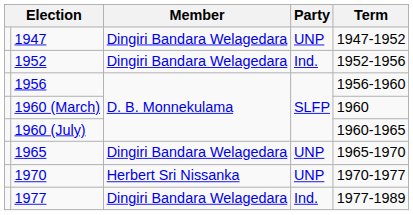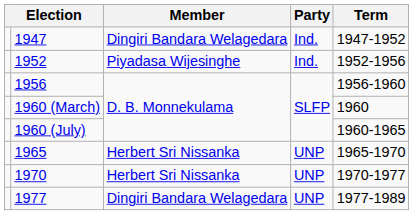 <table class="wikitable">
 <tr>
 <th colspan="2">Election</th>
 <th>Member</th>
 <th>Party</th>
 <th>Term</th>
 </tr>
 <tr>
 <td style="background-color: "></td>
 <td><a href='#'>1947</a></td>
 <td><a href='#'>Dingiri Bandara Welagedara</a></td>
-<td><a href='#'>UNP</a></td>
+<td><a href='#'>Ind.</a></td>
 <td>1947-1952</td>
 </tr>
 <tr>
 <td style="background-color: "></td>
 <td><a href='#'>1952</a></td>
-<td><a href='#'>Dingiri Bandara Welagedara</a></td>
+<td><a href='#'>Piyadasa Wijesinghe</a></td>
 <td><a href='#'>Ind.</a></td>
 <td>1952-1956</td>
 </tr>
 <tr>
 <td style="background-color: "></td>
 <td><a href='#'>1956</a></td>
 <td rowspan=3><a href='#'>D. B. Monnekulama</a></td>
 <td rowspan=3><a href='#'>SLFP</a></td>
 <td>1956-1960</td>
 </tr>
 <tr>
 <td style="background-color: "></td>
 <td><a href='#'>1960 (March)</a></td>
 <td>1960</td>
 </tr>
 <tr>
 <td style="background-color: "></td>
 <td><a href='#'>1960 (July)</a></td>
 <td>1960-1965</td>
 </tr>
 <tr>
 <td style="background-color: "></td>
 <td><a href='#'>1965</a></td>
-<td><a href='#'>Dingiri Bandara Welagedara</a></td>
+<td><a href='#'>Herbert Sri Nissanka</a></td>
 <td><a href='#'>UNP</a></td>
 <td>1965-1970</td>
 </tr>
 <tr>
 <td style="-color: "></td>
 <td><a href='#'>1970</a></td>
 <td><a href='#'>Herbert Sri Nissanka</a></td>
 <td><a href='#'>UNP</a></td>
 <td>1970-1977</td>
 </tr>
 <tr>
 <td style="background-color: "></td>
 <td><a href='#'>1977</a></td>
 <td><a href='#'>Dingiri Bandara Welagedara</a></td>
-<td><a href='#'>Ind.</a></td>
+<td><a href='#'>UNP</a></td>
 <td>1977-1989</td>
 </tr>
 </table>
